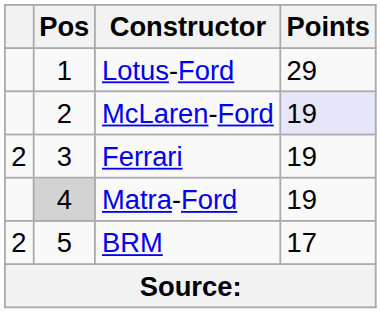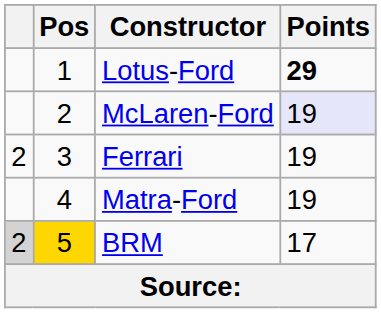 <table class="wikitable" style="font-size: 95%;">
 <tr>
 <th></th>
 <th>Pos</th>
 <th>Constructor</th>
 <th>Points</th>
 </tr>
 <tr>
 <td align="left"></td>
 <td align="center">1</td>
 <td> <a href='#'>Lotus</a>-<a href='#'>Ford</a></td>
-<td align="left">29</td>
+<td align="left"><strong>29</strong></td>
 </tr>
 <tr>
 <td align="left"></td>
 <td align="center">2</td>
 <td> <a href='#'>McLaren</a>-<a href='#'>Ford</a></td>
 <td align="left" style="background: lavender;">19</td>
 </tr>
 <tr>
 <td align="left"> 2</td>
 <td align="center">3</td>
 <td> <a href='#'>Ferrari</a></td>
 <td align="left">19</td>
 </tr>
 <tr>
 <td align="left"></td>
-<td align="center" style="background: lightgrey;">4</td>
+<td align="center">4</td>
 <td> <a href='#'>Matra</a>-<a href='#'>Ford</a></td>
 <td align="left">19</td>
 </tr>
 <tr>
-<td align="left"> 2</td>
-<td align="center">5</td>
+<td align="left" style="background: lightgrey;"> 2</td>
+<td align="center" style="background: gold;">5</td>
 <td> <a href='#'>BRM</a></td>
 <td align="left">17</td>
 </tr>
 <tr>
 <th colspan=4>Source: </th>
 </tr>
 </table>
